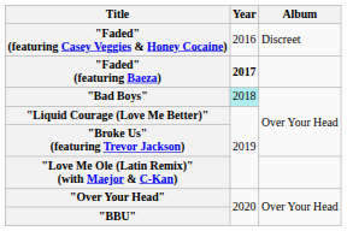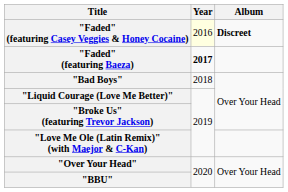 <table class="wikitable plainrowheaders">
 <tr>
 <th>Title</th>
 <th>Year</th>
 <th>Album</th>
 </tr>
 <tr>
 <th scope="row">"Faded"<br><span>(featuring <a href='#'>Casey Veggies</a> & <a href='#'>Honey Cocaine</a>)</span></th>
-<td>2016</td>
-<td>Discreet</td>
+<td style="background: lightyellow;">2016</td>
+<td><strong>Discreet</strong></td>
 </tr>
 <tr>
 <th scope="row">"Faded"<br><span>(featuring <a href='#'>Baeza</a>)</span></th>
 <td><strong>2017</strong></td>
 <td></td>
 </tr>
 <tr>
 <th scope="row">"Bad Boys"</th>
-<td style="background: paleturquoise;">2018</td>
+<td>2018</td>
 <td rowspan="3">Over Your Head</td>
 </tr>
 <tr>
 <th scope="row">"Liquid Courage (Love Me Better)"</th>
 <td rowspan="3">2019</td>
 </tr>
 <tr>
 <th scope="row">"Broke Us"<br><span>(featuring <a href='#'>Trevor Jackson</a>)</span></th>
 </tr>
 <tr>
 <th scope="row">"Love Me Ole (Latin Remix)"<br><span>(with <a href='#'>Maejor</a> & <a href='#'>C-Kan</a>)</span></th>
 <td></td>
 </tr>
 <tr>
 <th ! scope="row">"Over Your Head"</th>
 <td rowspan="2">2020</td>
 <td rowspan="2">Over Your Head</td>
 </tr>
 <tr>
 <th ! scope="row">"BBU"</th>
 </tr>
 </table>
